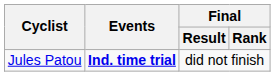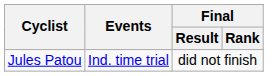 <table class=wikitable style="font-size:90%">
 <tr>
 <th rowspan="2">Cyclist</th>
 <th rowspan="2">Events</th>
 <th colspan="2">Final</th>
 </tr>
 <tr>
 <th>Result</th>
 <th>Rank</th>
 </tr>
 <tr>
 <td><a href='#'>Jules Patou</a></td>
-<td><strong><a href='#'>Ind. time trial</a></strong></td>
+<td><a href='#'>Ind. time trial</a></td>
 <td align=center colspan=2>did not finish</td>
 </tr>
 </table>
